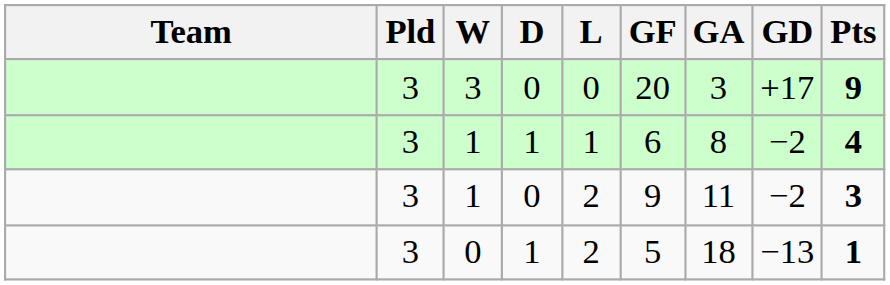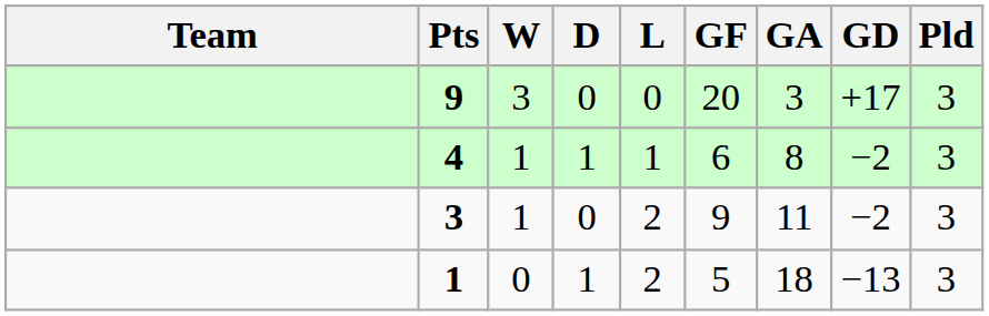 <table class="wikitable" style="text-align:center;">
 <tr>
 <th width=165>Team</th>
-<th width=20>Pld</th>
+<th width=20>Pts</th>
 <th width=20>W</th>
 <th width=20>D</th>
 <th width=20>L</th>
 <th width=20>GF</th>
 <th width=20>GA</th>
 <th width=20>GD</th>
-<th width=20>Pts</th>
+<th width=20>Pld</th>
 </tr>
 <tr style="background:#cfc;">
 <td style="text-align:left;"></td>
-<td>3</td>
+<td><strong>9</strong></td>
 <td>3</td>
 <td>0</td>
 <td>0</td>
 <td>20</td>
 <td>3</td>
 <td>+17</td>
-<td><strong>9</strong></td>
+<td>3</td>
 </tr>
 <tr style="background:#cfc;">
 <td style="text-align:left;"></td>
-<td>3</td>
+<td><strong>4</strong></td>
 <td>1</td>
 <td>1</td>
 <td>1</td>
 <td>6</td>
 <td>8</td>
 <td>−2</td>
-<td><strong>4</strong></td>
+<td>3</td>
 </tr>
 <tr>
 <td style="text-align:left;"></td>
-<td>3</td>
+<td><strong>3</strong></td>
 <td>1</td>
 <td>0</td>
 <td>2</td>
 <td>9</td>
 <td>11</td>
 <td>−2</td>
-<td><strong>3</strong></td>
+<td>3</td>
 </tr>
 <tr>
 <td style="text-align:left;"></td>
-<td>3</td>
+<td><strong>1</strong></td>
 <td>0</td>
 <td>1</td>
 <td>2</td>
 <td>5</td>
 <td>18</td>
 <td>−13</td>
-<td><strong>1</strong></td>
+<td>3</td>
 </tr>
 </table>
